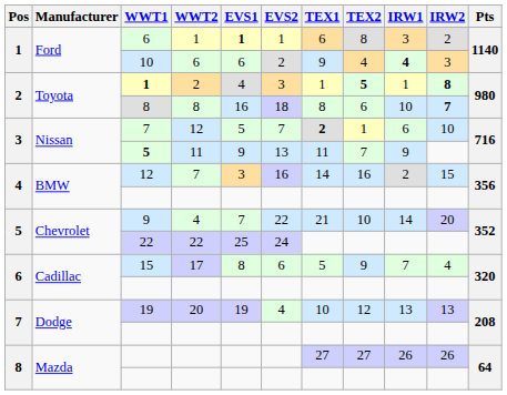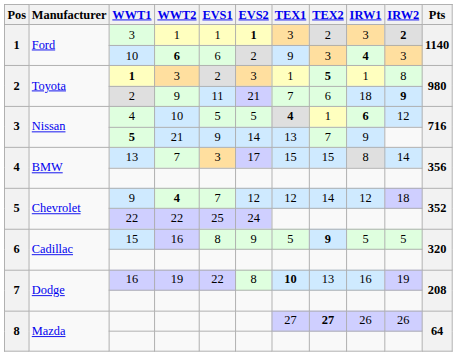 <table class="wikitable" style="font-size:85%;text-align:center">
 <tr>
 <th>Pos</th>
 <th>Manufacturer</th>
 <th><a href='#'>WWT1</a></th>
 <th><a href='#'>WWT2</a></th>
 <th><a href='#'>EVS1</a></th>
 <th><a href='#'>EVS2</a></th>
 <th><a href='#'>TEX1</a></th>
 <th><a href='#'>TEX2</a></th>
 <th><a href='#'>IRW1</a></th>
 <th><a href='#'>IRW2</a></th>
 <th>Pts</th>
 </tr>
 <tr>
 <th rowspan=2>1</th>
 <td rowspan=2 align=left> <a href='#'>Ford</a></td>
-<td style="background:#dfffdf;">6</td>
+<td style="background:#dfffdf;">3</td>
+<td style="background:#ffffbf;">1</td>
 <td style="background:#ffffbf;">1</td>
 <td style="background:#ffffbf;"><strong>1</strong></td>
-<td style="background:#ffffbf;">1</td>
-<td style="background:#ffdf9f;">6</td>
-<td style="background:#dfdfdf;">8</td>
 <td style="background:#ffdf9f;">3</td>
 <td style="background:#dfdfdf;">2</td>
+<td style="background:#ffdf9f;">3</td>
+<td style="background:#dfdfdf;"><strong>2</strong></td>
 <th rowspan=2>1140</th>
 </tr>
 <tr>
 <td style="background:#cfeaff;">10</td>
-<td style="background:#dfffdf;">6</td>
+<td style="background:#dfffdf;"><strong>6</strong></td>
 <td style="background:#dfffdf;">6</td>
 <td style="background:#dfdfdf;">2</td>
 <td style="background:#cfeaff;">9</td>
-<td style="background:#ffdf9f;">4</td>
+<td style="background:#ffdf9f;">3</td>
 <td style="background:#dfffdf;"><strong>4</strong></td>
 <td style="background:#ffdf9f;">3</td>
 </tr>
 <tr>
 <th rowspan=2>2</th>
 <td rowspan=2 align=left> <a href='#'>Toyota</a></td>
 <td style="background:#ffffbf;"><strong>1</strong></td>
-<td style="background:#ffdf9f;">2</td>
-<td style="background:#dfdfdf;">4</td>
+<td style="background:#ffdf9f;">3</td>
+<td style="background:#dfdfdf;">2</td>
 <td style="background:#ffdf9f;">3</td>
 <td style="background:#ffffbf;">1</td>
 <td style="background:#dfffdf;"><strong>5</strong></td>
 <td style="background:#ffffbf;">1</td>
-<td style="background:#dfffdf;"><strong>8</strong></td>
+<td style="background:#dfffdf;">8</td>
 <th rowspan=2>980</th>
 </tr>
 <tr>
-<td style="background:#dfdfdf;">8</td>
-<td style="background:#dfffdf;">8</td>
-<td style="background:#cfeaff;">16</td>
-<td style="background:#cfcfff;">18</td>
-<td style="background:#dfffdf;">8</td>
+<td style="background:#dfdfdf;">2</td>
+<td style="background:#dfffdf;">9</td>
+<td style="background:#cfeaff;">11</td>
+<td style="background:#cfcfff;">21</td>
+<td style="background:#dfffdf;">7</td>
 <td style="background:#dfffdf;">6</td>
-<td style="background:#cfeaff;">10</td>
-<td style="background:#cfeaff;"><strong>7</strong></td>
+<td style="background:#cfeaff;">18</td>
+<td style="background:#cfeaff;"><strong>9</strong></td>
 </tr>
 <tr>
 <th rowspan=2>3</th>
 <td rowspan=2 align=left> <a href='#'>Nissan</a></td>
-<td style="background:#dfffdf;">7</td>
+<td style="background:#dfffdf;">4</td>
+<td style="background:#cfeaff;">10</td>
+<td style="background:#dfffdf;">5</td>
+<td style="background:#dfffdf;">5</td>
+<td style="background:#dfdfdf;"><strong>4</strong></td>
+<td style="background:#ffffbf;">1</td>
+<td style="background:#dfffdf;"><strong>6</strong></td>
 <td style="background:#cfeaff;">12</td>
-<td style="background:#dfffdf;">5</td>
-<td style="background:#dfffdf;">7</td>
-<td style="background:#dfdfdf;"><strong>2</strong></td>
-<td style="background:#ffffbf;">1</td>
-<td style="background:#dfffdf;">6</td>
-<td style="background:#cfeaff;">10</td>
 <th rowspan=2>716</th>
 </tr>
 <tr>
 <td style="background:#dfffdf;"><strong>5</strong></td>
-<td style="background:#cfeaff;">11</td>
+<td style="background:#cfeaff;">21</td>
 <td style="background:#cfeaff;">9</td>
+<td style="background:#cfeaff;">14</td>
 <td style="background:#cfeaff;">13</td>
-<td style="background:#cfeaff;">11</td>
 <td style="background:#dfffdf;">7</td>
 <td style="background:#cfeaff;">9</td>
 <td></td>
 </tr>
 <tr>
 <th rowspan=2>4</th>
 <td rowspan=2 align=left> <a href='#'>BMW</a></td>
-<td style="background:#cfeaff;">12</td>
+<td style="background:#cfeaff;">13</td>
 <td style="background:#dfffdf;">7</td>
 <td style="background:#ffdf9f;">3</td>
-<td style="background:#cfcfff;">16</td>
+<td style="background:#cfcfff;">17</td>
+<td style="background:#cfeaff;">15</td>
+<td style="background:#cfeaff;">15</td>
+<td style="background:#dfdfdf;">8</td>
 <td style="background:#cfeaff;">14</td>
-<td style="background:#cfeaff;">16</td>
-<td style="background:#dfdfdf;">2</td>
-<td style="background:#cfeaff;">15</td>
 <th rowspan=2>356</th>
 </tr>
 <tr>
 <td> </td>
 <td></td>
 <td></td>
 <td></td>
 <td></td>
 <td></td>
 <td></td>
 <td></td>
 </tr>
 <tr>
 <th rowspan=2>5</th>
 <td rowspan=2 align=left> <a href='#'>Chevrolet</a></td>
 <td style="background:#cfeaff;">9</td>
-<td style="background:#dfffdf;">4</td>
+<td style="background:#dfffdf;"><strong>4</strong></td>
 <td style="background:#dfffdf;">7</td>
-<td style="background:#cfeaff;">22</td>
-<td style="background:#cfeaff;">21</td>
-<td style="background:#cfeaff;">10</td>
+<td style="background:#cfeaff;">12</td>
+<td style="background:#cfeaff;">12</td>
 <td style="background:#cfeaff;">14</td>
-<td style="background:#cfcfff;">20</td>
+<td style="background:#cfeaff;">12</td>
+<td style="background:#cfcfff;">18</td>
 <th rowspan=2>352</th>
 </tr>
 <tr>
 <td style="background:#cfcfff;">22</td>
 <td style="background:#cfcfff;">22</td>
 <td style="background:#cfcfff;">25</td>
 <td style="background:#cfcfff;">24</td>
 <td></td>
 <td></td>
 <td></td>
 <td></td>
 </tr>
 <tr>
 <th rowspan=2>6</th>
 <td rowspan=2 align=left> <a href='#'>Cadillac</a></td>
 <td style="background:#cfeaff;">15</td>
-<td style="background:#cfcfff;">17</td>
+<td style="background:#cfcfff;">16</td>
 <td style="background:#dfffdf;">8</td>
-<td style="background:#dfffdf;">6</td>
+<td style="background:#dfffdf;">9</td>
 <td style="background:#dfffdf;">5</td>
-<td style="background:#cfeaff;">9</td>
-<td style="background:#dfffdf;">7</td>
-<td style="background:#dfffdf;">4</td>
+<td style="background:#cfeaff;"><strong>9</strong></td>
+<td style="background:#dfffdf;">5</td>
+<td style="background:#dfffdf;">5</td>
 <th rowspan=2>320</th>
 </tr>
 <tr>
 <td> </td>
 <td></td>
 <td></td>
 <td></td>
 <td></td>
 <td></td>
 <td></td>
 <td></td>
 </tr>
 <tr>
 <th rowspan=2>7</th>
 <td rowspan=2 align=left> <a href='#'>Dodge</a></td>
+<td style="background:#cfcfff;">16</td>
 <td style="background:#cfcfff;">19</td>
-<td style="background:#cfcfff;">20</td>
+<td style="background:#cfcfff;">22</td>
+<td style="background:#dfffdf;">8</td>
+<td style="background:#cfeaff;"><strong>10</strong></td>
+<td style="background:#cfeaff;">13</td>
+<td style="background:#cfeaff;">16</td>
 <td style="background:#cfcfff;">19</td>
-<td style="background:#dfffdf;">4</td>
-<td style="background:#cfeaff;">10</td>
-<td style="background:#cfeaff;">12</td>
-<td style="background:#cfeaff;">13</td>
-<td style="background:#cfcfff;">13</td>
 <th rowspan=2>208</th>
 </tr>
 <tr>
 <td> </td>
 <td></td>
 <td></td>
 <td></td>
 <td></td>
 <td></td>
 <td></td>
 <td></td>
 </tr>
 <tr>
 <th rowspan=2>8</th>
 <td rowspan=2 align=left> <a href='#'>Mazda</a></td>
 <td></td>
 <td></td>
 <td></td>
 <td></td>
 <td style="background:#cfcfff;">27</td>
-<td style="background:#cfcfff;">27</td>
+<td style="background:#cfcfff;"><strong>27</strong></td>
 <td style="background:#cfcfff;">26</td>
 <td style="background:#cfcfff;">26</td>
 <th rowspan=2>64</th>
 </tr>
 <tr>
 <td> </td>
 <td></td>
 <td></td>
 <td></td>
 <td></td>
 <td></td>
 <td></td>
 <td></td>
 </tr>
 </table>
